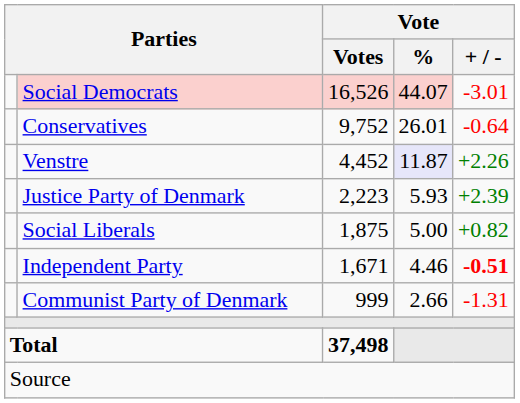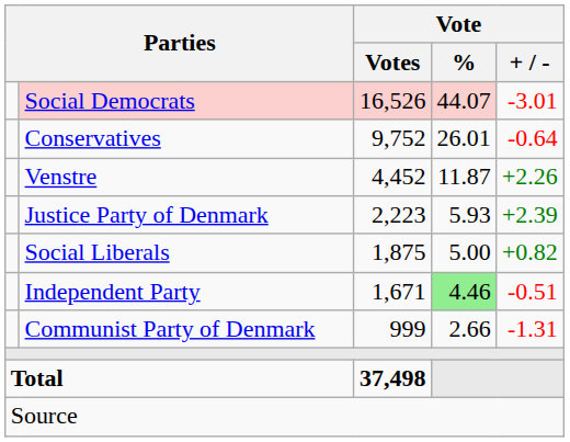 <table class="wikitable" style="text-align:right;">
 <tr>
 <th style="text-align:centre;" rowspan="2" colspan="2" width="225">Parties</th>
 <th colspan="3">Vote</th>
 </tr>
 <tr>
 <th width="15">Votes</th>
 <th width="15">%</th>
 <th width="15">+ / -</th>
 </tr>
 <tr>
 <td width="2" style="color:inherit;background:"></td>
 <td bgcolor=#fbd0ce  align="left"><a href='#'>Social Democrats</a></td>
 <td bgcolor=#fbd0ce>16,526</td>
 <td bgcolor=#fbd0ce>44.07</td>
 <td style=color:red;>-3.01</td>
 </tr>
 <tr>
 <td width="2" style="color:inherit;background:"></td>
 <td align="left"><a href='#'>Conservatives</a></td>
 <td>9,752</td>
 <td>26.01</td>
 <td style=color:red;>-0.64</td>
 </tr>
 <tr>
 <td width="2" style="color:inherit;background:"></td>
 <td align="left"><a href='#'>Venstre</a></td>
 <td>4,452</td>
-<td style="background: lavender;">11.87</td>
+<td>11.87</td>
 <td style=color:green;>+2.26</td>
 </tr>
 <tr>
 <td width="2" style="color:inherit;background:"></td>
 <td align="left"><a href='#'>Justice Party of Denmark</a></td>
 <td>2,223</td>
 <td>5.93</td>
 <td style=color:green;>+2.39</td>
 </tr>
 <tr>
 <td width="2" style="color:inherit;background:"></td>
 <td align="left"><a href='#'>Social Liberals</a></td>
 <td>1,875</td>
 <td>5.00</td>
 <td style=color:green;>+0.82</td>
 </tr>
 <tr>
 <td width="2" style="color:inherit;background:"></td>
 <td align="left"><a href='#'>Independent Party</a></td>
 <td>1,671</td>
-<td>4.46</td>
-<td style=color:red;><strong>-0.51</strong></td>
+<td style="background: lightgreen;">4.46</td>
+<td style=color:red;>-0.51</td>
 </tr>
 <tr>
 <td width="2" style="color:inherit;background:"></td>
 <td align="left"><a href='#'>Communist Party of Denmark</a></td>
 <td>999</td>
 <td>2.66</td>
 <td style=color:red;>-1.31</td>
 </tr>
 <tr>
 <td colspan="7" bgcolor="#E9E9E9"></td>
 </tr>
 <tr>
 <td align="left" colspan="2"><strong>Total</strong></td>
 <td><strong>37,498</strong></td>
 <td bgcolor="#E9E9E9" colspan="2"></td>
 </tr>
 <tr>
 <td align="left" colspan="6">Source</td>
 </tr>
 </table>
